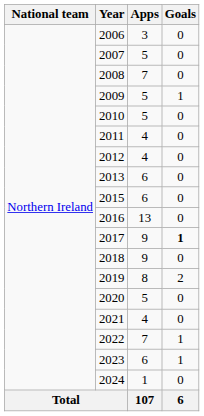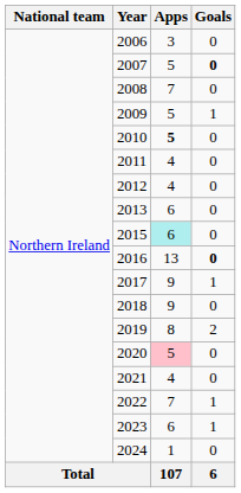 <table class="wikitable" style="text-align: center;">
 <tr>
 <th>National team</th>
 <th>Year</th>
 <th>Apps</th>
 <th>Goals</th>
 </tr>
 <tr>
 <td rowspan="18"><a href='#'>Northern Ireland</a></td>
 <td>2006</td>
 <td>3</td>
 <td>0</td>
 </tr>
 <tr>
 <td>2007</td>
 <td>5</td>
-<td>0</td>
+<td><strong>0</strong></td>
 </tr>
 <tr>
 <td>2008</td>
 <td>7</td>
 <td>0</td>
 </tr>
 <tr>
 <td>2009</td>
 <td>5</td>
 <td>1</td>
 </tr>
 <tr>
 <td>2010</td>
-<td>5</td>
+<td><strong>5</strong></td>
 <td>0</td>
 </tr>
 <tr>
 <td>2011</td>
 <td>4</td>
 <td>0</td>
 </tr>
 <tr>
 <td>2012</td>
 <td>4</td>
 <td>0</td>
 </tr>
 <tr>
 <td>2013</td>
 <td>6</td>
 <td>0</td>
 </tr>
 <tr>
 <td>2015</td>
-<td>6</td>
+<td style="background: paleturquoise;">6</td>
 <td>0</td>
 </tr>
 <tr>
 <td>2016</td>
 <td>13</td>
-<td>0</td>
+<td><strong>0</strong></td>
 </tr>
 <tr>
 <td>2017</td>
 <td>9</td>
-<td><strong>1</strong></td>
+<td>1</td>
 </tr>
 <tr>
 <td>2018</td>
 <td>9</td>
 <td>0</td>
 </tr>
 <tr>
 <td>2019</td>
 <td>8</td>
 <td>2</td>
 </tr>
 <tr>
 <td>2020</td>
-<td>5</td>
+<td style="background: pink;">5</td>
 <td>0</td>
 </tr>
 <tr>
 <td>2021</td>
 <td>4</td>
 <td>0</td>
 </tr>
 <tr>
 <td>2022</td>
 <td>7</td>
 <td>1</td>
 </tr>
 <tr>
 <td>2023</td>
 <td>6</td>
 <td>1</td>
 </tr>
 <tr>
 <td>2024</td>
 <td>1</td>
 <td>0</td>
 </tr>
 <tr>
 <th colspan="2">Total</th>
 <th>107</th>
 <th>6</th>
 </tr>
 </table>
